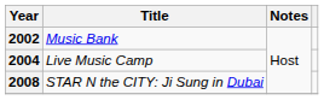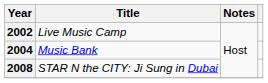 <table class="wikitable plainrowheaders">
 <tr>
 <th>Year</th>
 <th>Title</th>
 <th>Notes</th>
 <th scope="col" class="unsortable"></th>
 </tr>
 <tr>
 <th scope="row">2002</th>
-<td><em><a href='#'>Music Bank</a></em></td>
+<td><em>Live Music Camp</em></td>
 <td rowspan="3">Host</td>
 <td></td>
 </tr>
 <tr>
 <th scope="row">2004</th>
-<td><em>Live Music Camp</em></td>
+<td><em><a href='#'>Music Bank</a></em></td>
 <td></td>
 </tr>
 <tr>
 <th scope="row">2008</th>
 <td><em>STAR N the CITY: Ji Sung in <a href='#'>Dubai</a></em></td>
 <td></td>
 </tr>
 <tr>
 </tr>
 </table>
